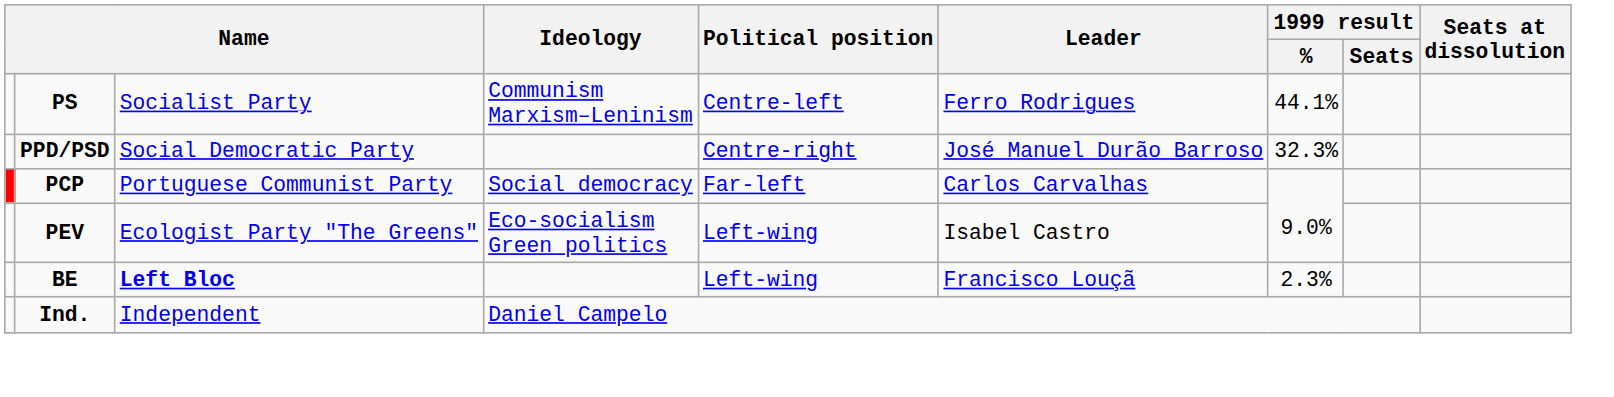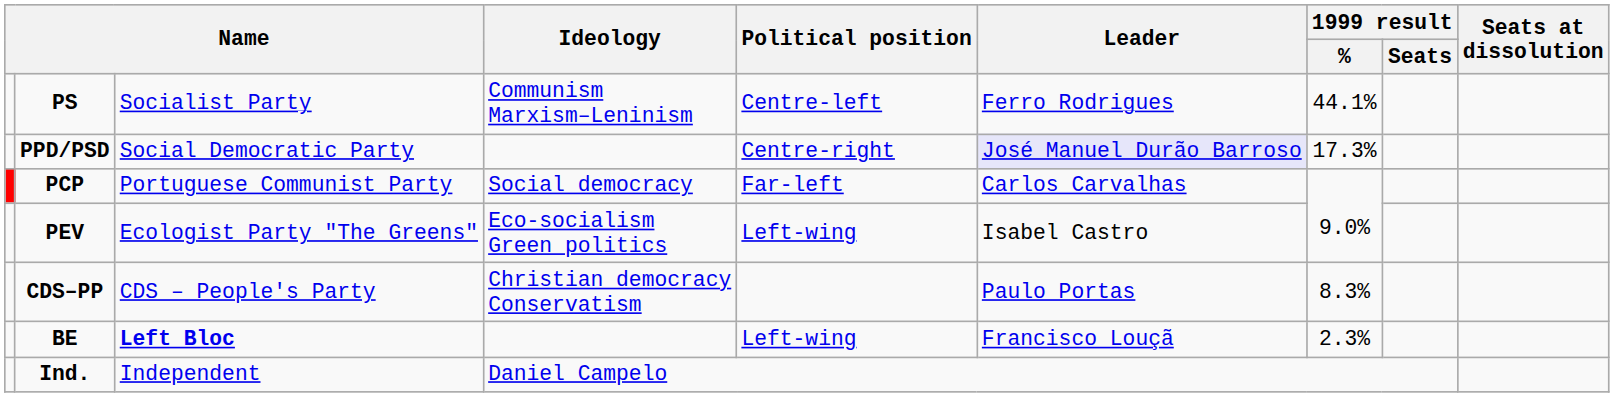 <table class="wikitable">
 <tr>
 <th rowspan="2" colspan="3">Name</th>
 <th rowspan="2">Ideology</th>
 <th rowspan="2">Political position</th>
 <th rowspan="2">Leader</th>
 <th colspan="2">1999 result</th>
 <th rowspan="2">Seats at<br>dissolution</th>
 </tr>
 <tr>
 <th>%</th>
 <th>Seats</th>
 </tr>
 <tr>
 <td style="color:inherit;background:"></td>
 <td style="text-align:center;"><strong>PS</strong></td>
 <td><a href='#'>Socialist Party</a><br></td>
 <td><a href='#'>Communism</a><br><a href='#'>Marxism–Leninism</a></td>
 <td><a href='#'>Centre-left</a></td>
 <td><a href='#'>Ferro Rodrigues</a></td>
 <td style="text-align:center;">44.1%</td>
 <td></td>
 <td></td>
 </tr>
 <tr>
 <td style="color:inherit;background:"></td>
 <td style="text-align:center;"><strong>PPD/PSD</strong></td>
 <td><a href='#'>Social Democratic Party</a><br></td>
 <td></td>
 <td><a href='#'>Centre-right</a></td>
-<td><a href='#'>José Manuel Durão Barroso</a></td>
-<td style="text-align:center;">32.3%</td>
+<td style="background: lavender;"><a href='#'>José Manuel Durão Barroso</a></td>
+<td style="text-align:center;">17.3%</td>
 <td></td>
 <td></td>
 </tr>
 <tr>
 <td style="background:#f00;"></td>
 <td style="text-align:center;"><strong>PCP</strong></td>
 <td><a href='#'>Portuguese Communist Party</a><br></td>
 <td><a href='#'>Social democracy</a></td>
 <td><a href='#'>Far-left</a></td>
 <td><a href='#'>Carlos Carvalhas</a></td>
 <td rowspan="2" style="text-align:center;"><br>9.0%<br></td>
 <td></td>
 <td></td>
 </tr>
 <tr>
 <td style="color:inherit;background:"></td>
 <td style="text-align:center;"><strong>PEV</strong></td>
 <td><a href='#'>Ecologist Party "The Greens"</a><br></td>
 <td><a href='#'>Eco-socialism</a><br><a href='#'>Green politics</a></td>
 <td><a href='#'>Left-wing</a></td>
 <td>Isabel Castro</td>
 <td></td>
 <td></td>
 </tr>
 <tr>
 <td style="color:inherit;background:"></td>
+<td style="text-align:center;"><strong>CDS–PP</strong></td>
+<td><a href='#'>CDS – People's Party</a><br></td>
+<td><a href='#'>Christian democracy</a><br><a href='#'>Conservatism</a></td>
+<td></td>
+<td><a href='#'>Paulo Portas</a></td>
+<td style="text-align:center;">8.3%</td>
+<td></td>
+<td></td>
+</tr>
+<tr>
+<td style="color:inherit;background:"></td>
 <td style="text-align:center;"><strong>BE</strong></td>
 <td><strong><a href='#'>Left Bloc</a><br></strong></td>
 <td></td>
 <td><a href='#'>Left-wing</a></td>
 <td><a href='#'>Francisco Louçã</a></td>
 <td style="text-align:center;">2.3%</td>
 <td></td>
 <td></td>
 </tr>
 <tr>
 <td style="color:inherit;background:"></td>
 <td style="text-align:center;"><strong>Ind.</strong></td>
 <td><a href='#'>Independent</a><br></td>
 <td colspan="5"><a href='#'>Daniel Campelo</a> </td>
 <td></td>
 </tr>
 </table>
